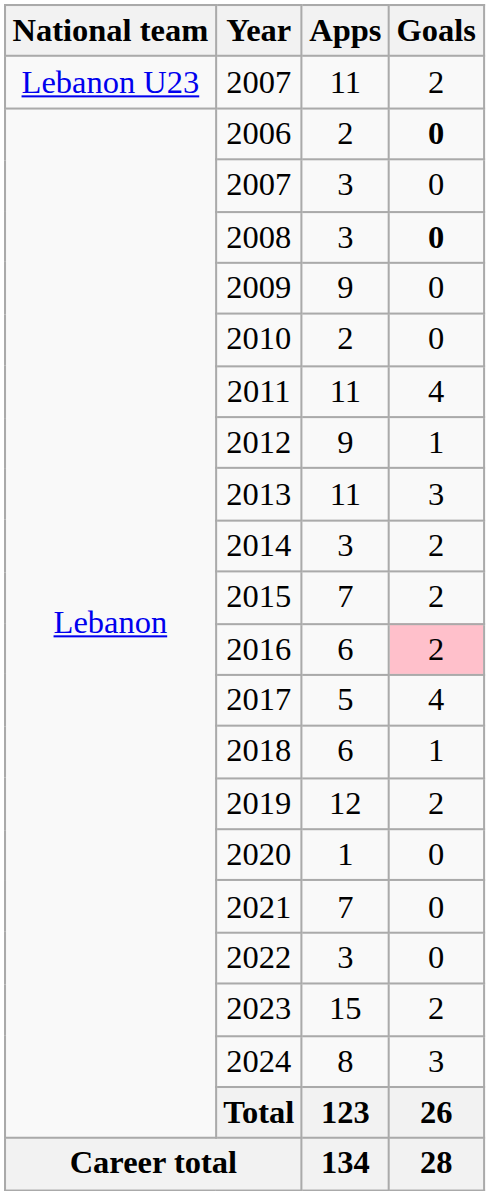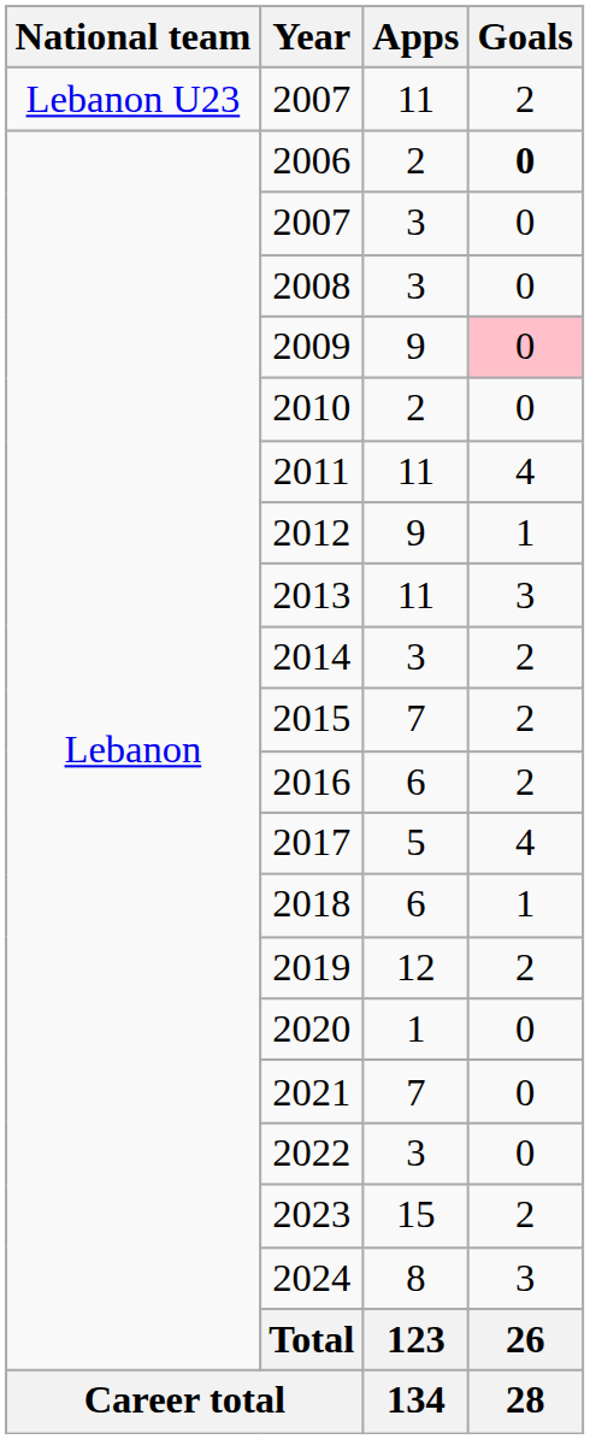 <table class="wikitable" style="text-align:center">
 <tr>
 <th>National team</th>
 <th>Year</th>
 <th>Apps</th>
 <th>Goals</th>
 </tr>
 <tr>
 <td><a href='#'>Lebanon U23</a></td>
 <td>2007</td>
 <td>11</td>
 <td>2</td>
 </tr>
 <tr>
 <td rowspan="20"><a href='#'>Lebanon</a></td>
 <td>2006</td>
 <td>2</td>
 <td><strong>0</strong></td>
 </tr>
 <tr>
 <td>2007</td>
 <td>3</td>
 <td>0</td>
 </tr>
 <tr>
 <td>2008</td>
 <td>3</td>
-<td><strong>0</strong></td>
+<td>0</td>
 </tr>
 <tr>
 <td>2009</td>
 <td>9</td>
-<td>0</td>
+<td style="background: pink;">0</td>
 </tr>
 <tr>
 <td>2010</td>
 <td>2</td>
 <td>0</td>
 </tr>
 <tr>
 <td>2011</td>
 <td>11</td>
 <td>4</td>
 </tr>
 <tr>
 <td>2012</td>
 <td>9</td>
 <td>1</td>
 </tr>
 <tr>
 <td>2013</td>
 <td>11</td>
 <td>3</td>
 </tr>
 <tr>
 <td>2014</td>
 <td>3</td>
 <td>2</td>
 </tr>
 <tr>
 <td>2015</td>
 <td>7</td>
 <td>2</td>
 </tr>
 <tr>
 <td>2016</td>
 <td>6</td>
-<td style="background: pink;">2</td>
+<td>2</td>
 </tr>
 <tr>
 <td>2017</td>
 <td>5</td>
 <td>4</td>
 </tr>
 <tr>
 <td>2018</td>
 <td>6</td>
 <td>1</td>
 </tr>
 <tr>
 <td>2019</td>
 <td>12</td>
 <td>2</td>
 </tr>
 <tr>
 <td>2020</td>
 <td>1</td>
 <td>0</td>
 </tr>
 <tr>
 <td>2021</td>
 <td>7</td>
 <td>0</td>
 </tr>
 <tr>
 <td>2022</td>
 <td>3</td>
 <td>0</td>
 </tr>
 <tr>
 <td>2023</td>
 <td>15</td>
 <td>2</td>
 </tr>
 <tr>
 <td>2024</td>
 <td>8</td>
 <td>3</td>
 </tr>
 <tr>
 <th>Total</th>
 <th>123</th>
 <th>26</th>
 </tr>
 <tr>
 <th colspan="2">Career total</th>
 <th>134</th>
 <th>28</th>
 </tr>
 </table>
